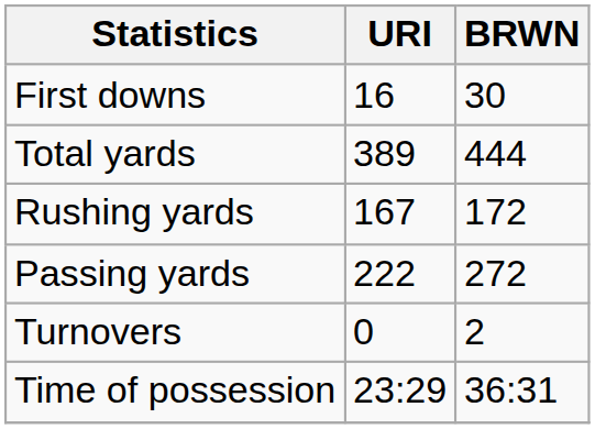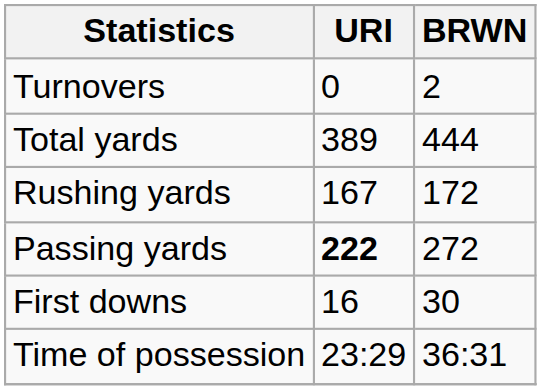 <table class="wikitable">
 <tr>
 <th>Statistics</th>
 <th>URI</th>
 <th>BRWN</th>
 </tr>
 <tr>
-<td>First downs</td>
-<td>16</td>
-<td>30</td>
+<td>Turnovers</td>
+<td>0</td>
+<td>2</td>
 </tr>
 <tr>
 <td>Total yards</td>
 <td>389</td>
 <td>444</td>
 </tr>
 <tr>
 <td>Rushing yards</td>
 <td>167</td>
 <td>172</td>
 </tr>
 <tr>
 <td>Passing yards</td>
-<td>222</td>
+<td><strong>222</strong></td>
 <td>272</td>
 </tr>
 <tr>
-<td>Turnovers</td>
-<td>0</td>
-<td>2</td>
+<td>First downs</td>
+<td>16</td>
+<td>30</td>
 </tr>
 <tr>
 <td>Time of possession</td>
 <td>23:29</td>
 <td>36:31</td>
 </tr>
 <tr>
 </tr>
 </table>
